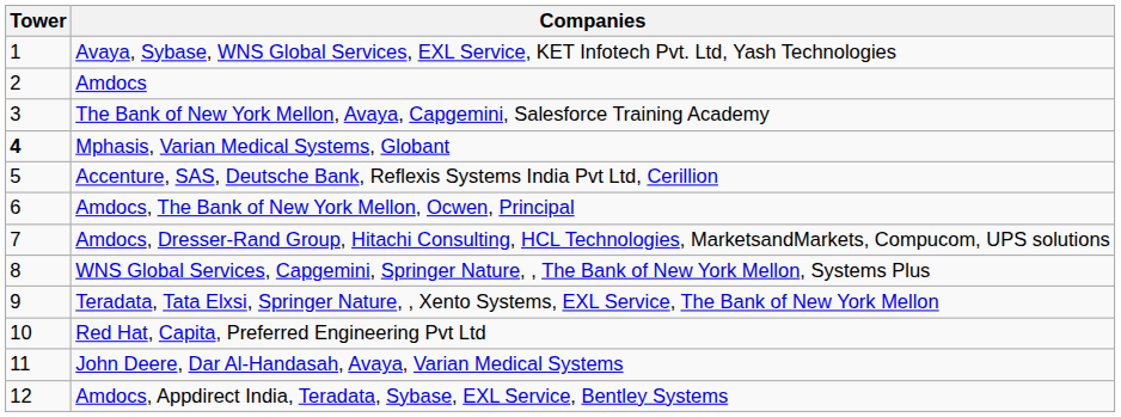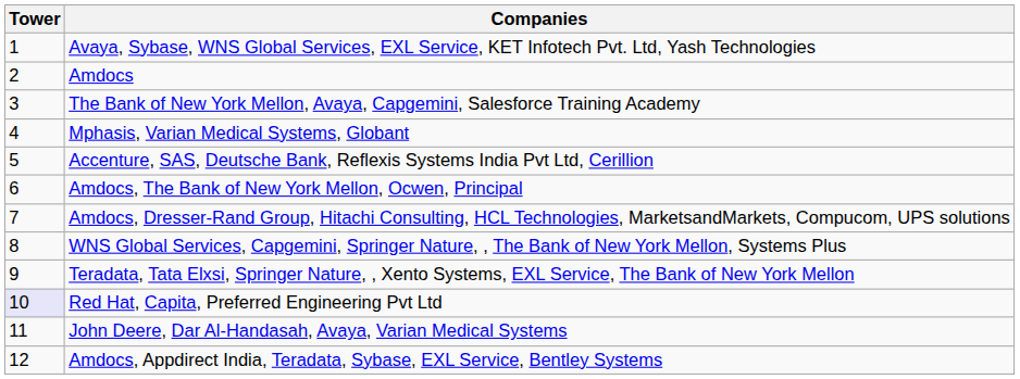 <table class="wikitable">
 <tr>
 <th>Tower</th>
 <th>Companies</th>
 </tr>
 <tr>
 <td>1</td>
 <td><a href='#'>Avaya</a>, <a href='#'>Sybase</a>, <a href='#'>WNS Global Services</a>, <a href='#'>EXL Service</a>, KET Infotech Pvt. Ltd, Yash Technologies</td>
 </tr>
 <tr>
 <td>2</td>
 <td><a href='#'>Amdocs</a></td>
 </tr>
 <tr>
 <td>3</td>
 <td><a href='#'>The Bank of New York Mellon</a>, <a href='#'>Avaya</a>, <a href='#'>Capgemini</a>, Salesforce Training Academy</td>
 </tr>
 <tr>
-<td><strong>4</strong></td>
+<td>4</td>
 <td><a href='#'>Mphasis</a>, <a href='#'>Varian Medical Systems</a>, <a href='#'>Globant</a></td>
 </tr>
 <tr>
 <td>5</td>
 <td><a href='#'>Accenture</a>, <a href='#'>SAS</a>, <a href='#'>Deutsche Bank</a>, Reflexis Systems India Pvt Ltd, <a href='#'>Cerillion</a></td>
 </tr>
 <tr>
 <td>6</td>
 <td><a href='#'>Amdocs</a>, <a href='#'>The Bank of New York Mellon</a>, <a href='#'>Ocwen</a>, <a href='#'>Principal</a></td>
 </tr>
 <tr>
 <td>7</td>
 <td><a href='#'>Amdocs</a>, <a href='#'>Dresser-Rand Group</a>, <a href='#'>Hitachi Consulting</a>, <a href='#'>HCL Technologies</a>, MarketsandMarkets, Compucom, UPS solutions</td>
 </tr>
 <tr>
 <td>8</td>
 <td><a href='#'>WNS Global Services</a>, <a href='#'>Capgemini</a>, <a href='#'>Springer Nature</a>, , <a href='#'>The Bank of New York Mellon</a>, Systems Plus</td>
 </tr>
 <tr>
 <td>9</td>
 <td><a href='#'>Teradata</a>, <a href='#'>Tata Elxsi</a>, <a href='#'>Springer Nature</a>, , Xento Systems, <a href='#'>EXL Service</a>, <a href='#'>The Bank of New York Mellon</a></td>
 </tr>
 <tr>
-<td>10</td>
+<td style="background: lavender;">10</td>
 <td><a href='#'>Red Hat</a>, <a href='#'>Capita</a>, Preferred Engineering Pvt Ltd</td>
 </tr>
 <tr>
 <td>11</td>
 <td><a href='#'>John Deere</a>, <a href='#'>Dar Al-Handasah</a>, <a href='#'>Avaya</a>, <a href='#'>Varian Medical Systems</a></td>
 </tr>
 <tr>
 <td>12</td>
 <td><a href='#'>Amdocs</a>, Appdirect India, <a href='#'>Teradata</a>, <a href='#'>Sybase</a>, <a href='#'>EXL Service</a>, <a href='#'>Bentley Systems</a></td>
 </tr>
 </table>
